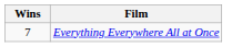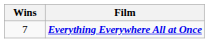 <table class="wikitable" rowspan="2" style="text-align:center" background: #f6e39c;>
 <tr>
 <th scope="col" style="width:55px;">Wins</th>
 <th scope="col" style="text-align:center;">Film</th>
 </tr>
 <tr>
 <td style="text-align:center">7</td>
-<td><em><a href='#'>Everything Everywhere All at Once</a></em></td>
+<td><strong><em><a href='#'>Everything Everywhere All at Once</a></em></strong></td>
 </tr>
 </table>
